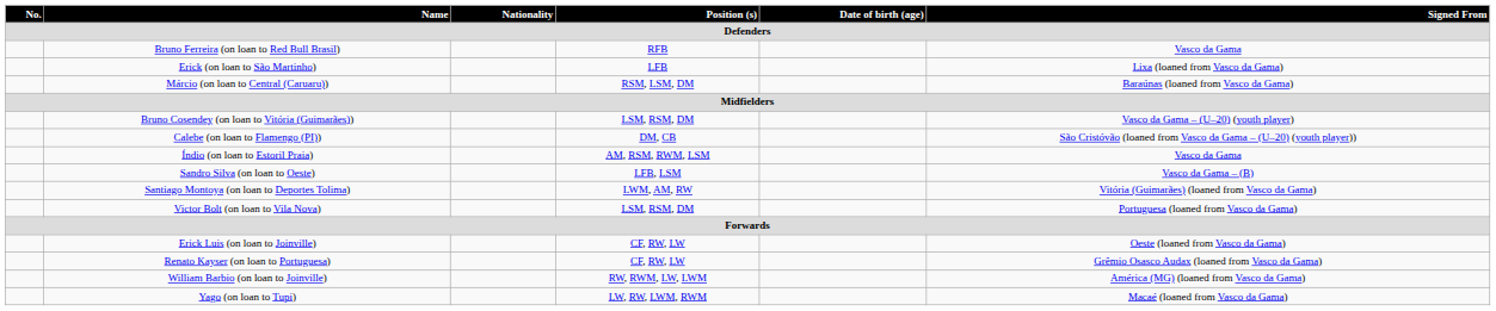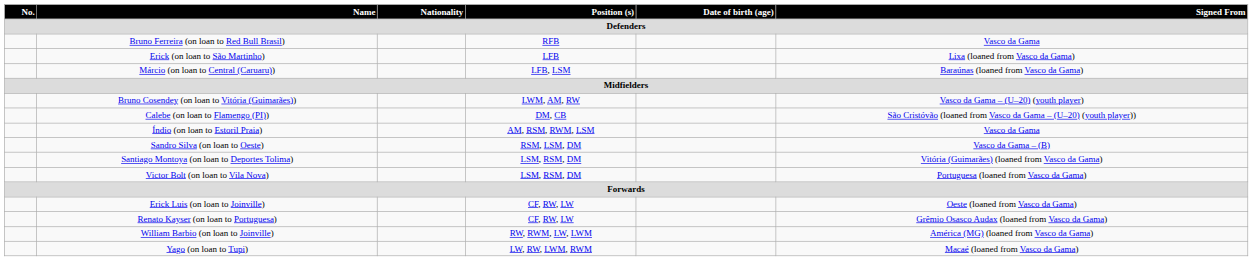 <table class="wikitable"  style="text-align:center; font-size:85%; width:95%;">
 <tr>
 <th style="background:black; color:white; text-align:right;">No.</th>
 <th style="background:black; color:white; text-align:right;">Name</th>
 <th style="background:black; color:white; text-align:right;">Nationality</th>
 <th style="background:black; color:white; text-align:right;">Position (s)</th>
 <th style="background:black; color:white; text-align:right;">Date of birth (age)</th>
 <th style="background:black; color:white; text-align:right;">Signed From</th>
 </tr>
 <tr>
 <th colspan="6"  style="background:#dcdcdc; text-align:center;">Defenders</th>
 </tr>
 <tr>
 <td></td>
 <td><a href='#'>Bruno Ferreira</a> (on loan to <a href='#'>Red Bull Brasil</a>)</td>
 <td></td>
 <td><a href='#'>RFB</a></td>
 <td></td>
 <td> <a href='#'>Vasco da Gama</a></td>
 </tr>
 <tr>
 <td></td>
 <td><a href='#'>Erick</a> (on loan to <a href='#'>São Martinho</a>)</td>
 <td></td>
 <td><a href='#'>LFB</a></td>
 <td></td>
 <td> <a href='#'>Lixa</a> (loaned from <a href='#'>Vasco da Gama</a>)</td>
 </tr>
 <tr>
 <td></td>
 <td><a href='#'>Márcio</a> (on loan to <a href='#'>Central (Caruaru)</a>)</td>
 <td></td>
-<td><a href='#'>RSM</a>, <a href='#'>LSM</a>, <a href='#'>DM</a></td>
+<td><a href='#'>LFB</a>, <a href='#'>LSM</a></td>
 <td></td>
 <td> <a href='#'>Baraúnas</a> (loaned from <a href='#'>Vasco da Gama</a>)</td>
 </tr>
 <tr>
 <th colspan="7"  style="background:#dcdcdc; text-align:center;">Midfielders</th>
 </tr>
 <tr>
 <td></td>
 <td><a href='#'>Bruno Cosendey</a> (on loan to <a href='#'>Vitória (Guimarães)</a>)</td>
 <td></td>
-<td><a href='#'>LSM</a>, <a href='#'>RSM</a>, <a href='#'>DM</a></td>
+<td><a href='#'>LWM</a>, <a href='#'>AM</a>, <a href='#'>RW</a></td>
 <td></td>
 <td> <a href='#'>Vasco da Gama – (U–20)</a> (<a href='#'>youth player</a>)</td>
 </tr>
 <tr>
 <td></td>
 <td><a href='#'>Calebe</a> (on loan to <a href='#'>Flamengo (PI)</a>)</td>
 <td></td>
 <td><a href='#'>DM</a>, <a href='#'>CB</a></td>
 <td></td>
 <td> <a href='#'>São Cristóvão</a> (loaned from <a href='#'>Vasco da Gama – (U–20)</a> (<a href='#'>youth player</a>))</td>
 </tr>
 <tr>
 <td></td>
 <td><a href='#'>Índio</a> (on loan to <a href='#'>Estoril Praia</a>)</td>
 <td></td>
 <td><a href='#'>AM</a>, <a href='#'>RSM</a>, <a href='#'>RWM</a>, <a href='#'>LSM</a></td>
 <td></td>
 <td> <a href='#'>Vasco da Gama</a></td>
 </tr>
 <tr>
 <td></td>
 <td><a href='#'>Sandro Silva</a> (on loan to <a href='#'>Oeste</a>)</td>
 <td></td>
-<td><a href='#'>LFB</a>, <a href='#'>LSM</a></td>
+<td><a href='#'>RSM</a>, <a href='#'>LSM</a>, <a href='#'>DM</a></td>
 <td></td>
 <td> <a href='#'>Vasco da Gama – (B)</a></td>
 </tr>
 <tr>
 <td></td>
 <td><a href='#'>Santiago Montoya</a> (on loan to <a href='#'>Deportes Tolima</a>)</td>
 <td></td>
-<td><a href='#'>LWM</a>, <a href='#'>AM</a>, <a href='#'>RW</a></td>
+<td><a href='#'>LSM</a>, <a href='#'>RSM</a>, <a href='#'>DM</a></td>
 <td></td>
 <td> <a href='#'>Vitória (Guimarães)</a> (loaned from <a href='#'>Vasco da Gama</a>)</td>
 </tr>
 <tr>
 <td></td>
 <td><a href='#'>Victor Bolt</a> (on loan to <a href='#'>Vila Nova</a>)</td>
 <td></td>
 <td><a href='#'>LSM</a>, <a href='#'>RSM</a>, <a href='#'>DM</a></td>
 <td></td>
 <td> <a href='#'>Portuguesa</a> (loaned from <a href='#'>Vasco da Gama</a>)</td>
 </tr>
 <tr>
 <th colspan="11"  style="background:#dcdcdc; text-align:center;">Forwards</th>
 </tr>
 <tr>
 <td></td>
 <td><a href='#'>Erick Luis</a> (on loan to <a href='#'>Joinville</a>)</td>
 <td></td>
 <td><a href='#'>CF</a>, <a href='#'>RW</a>, <a href='#'>LW</a></td>
 <td></td>
 <td> <a href='#'>Oeste</a> (loaned from <a href='#'>Vasco da Gama</a>)</td>
 </tr>
 <tr>
 <td></td>
 <td><a href='#'>Renato Kayser</a> (on loan to <a href='#'>Portuguesa</a>)</td>
 <td></td>
 <td><a href='#'>CF</a>, <a href='#'>RW</a>, <a href='#'>LW</a></td>
 <td></td>
 <td> <a href='#'>Grêmio Osasco Audax</a> (loaned from <a href='#'>Vasco da Gama</a>)</td>
 </tr>
 <tr>
 <td></td>
 <td><a href='#'>William Barbio</a> (on loan to <a href='#'>Joinville</a>)</td>
 <td></td>
 <td><a href='#'>RW</a>, <a href='#'>RWM</a>, <a href='#'>LW</a>, <a href='#'>LWM</a></td>
 <td></td>
 <td> <a href='#'>América (MG)</a> (loaned from <a href='#'>Vasco da Gama</a>)</td>
 </tr>
 <tr>
 <td></td>
 <td><a href='#'>Yago</a> (on loan to <a href='#'>Tupi</a>)</td>
 <td></td>
 <td><a href='#'>LW</a>, <a href='#'>RW</a>, <a href='#'>LWM</a>, <a href='#'>RWM</a></td>
 <td></td>
 <td> <a href='#'>Macaé</a> (loaned from <a href='#'>Vasco da Gama</a>)</td>
 </tr>
 </table>
